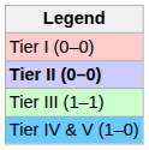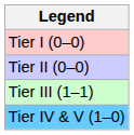 <table class="wikitable sortable">
 <tr>
 <th>Legend</th>
 </tr>
 <tr>
 <td style="background:#fcc;">Tier I (0–0)</td>
 </tr>
 <tr>
-<td style="background:#ccf;"><strong>Tier II (0–0)</strong></td>
+<td style="background:#ccf;">Tier II (0–0)</td>
 </tr>
 <tr>
 <td style="background:#cfc;">Tier III (1–1)</td>
 </tr>
 <tr>
 <td style="background:#6cf;">Tier IV & V (1–0)</td>
 </tr>
 </table>
